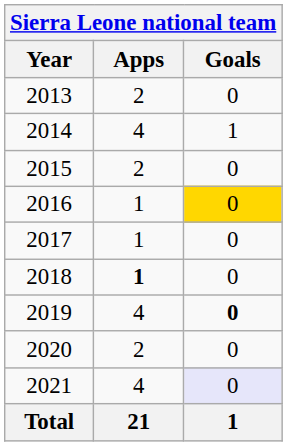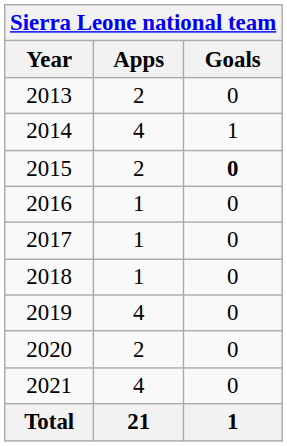 <table class="wikitable" style="text-align:center">
 <tr>
 <th colspan=3><a href='#'>Sierra Leone national team</a></th>
 </tr>
 <tr>
 <th>Year</th>
 <th>Apps</th>
 <th>Goals</th>
 </tr>
 <tr>
 <td>2013</td>
 <td>2</td>
 <td>0</td>
 </tr>
 <tr>
 <td>2014</td>
 <td>4</td>
 <td>1</td>
 </tr>
 <tr>
 <td>2015</td>
 <td>2</td>
-<td>0</td>
+<td><strong>0</strong></td>
 </tr>
 <tr>
 <td>2016</td>
 <td>1</td>
-<td style="background: gold;">0</td>
+<td>0</td>
 </tr>
 <tr>
 <td>2017</td>
 <td>1</td>
 <td>0</td>
 </tr>
 <tr>
 <td>2018</td>
-<td><strong>1</strong></td>
+<td>1</td>
 <td>0</td>
 </tr>
 <tr>
 <td>2019</td>
 <td>4</td>
-<td><strong>0</strong></td>
+<td>0</td>
 </tr>
 <tr>
 <td>2020</td>
 <td>2</td>
 <td>0</td>
 </tr>
 <tr>
 <td>2021</td>
 <td>4</td>
-<td style="background: lavender;">0</td>
+<td>0</td>
 </tr>
 <tr>
 <th>Total</th>
 <th>21</th>
 <th>1</th>
 </tr>
 </table>
